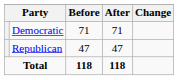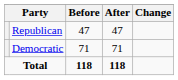 <table class="wikitable" style="text-align:center;">
 <tr>
 </tr>
 <tr>
 <th colspan=2>Party</th>
 <th>Before</th>
 <th>After</th>
 <th>Change</th>
 </tr>
 <tr>
 <th style="background-color:"></th>
-<td style="text-align:left;"><a href='#'>Democratic</a></td>
-<td>71</td>
-<td>71</td>
+<td style="text-align:left;"><a href='#'>Republican</a></td>
+<td>47</td>
+<td>47</td>
 <td></td>
 </tr>
 <tr>
 <th style="background-color:"></th>
-<td style="text-align:left;"><a href='#'>Republican</a></td>
-<td>47</td>
-<td>47</td>
+<td style="text-align:left;"><a href='#'>Democratic</a></td>
+<td>71</td>
+<td>71</td>
 <td></td>
 </tr>
 <tr>
 <td colspan=2><strong>Total</strong></td>
 <td><strong>118</strong></td>
 <td><strong>118</strong></td>
 <td></td>
 </tr>
 </table>
